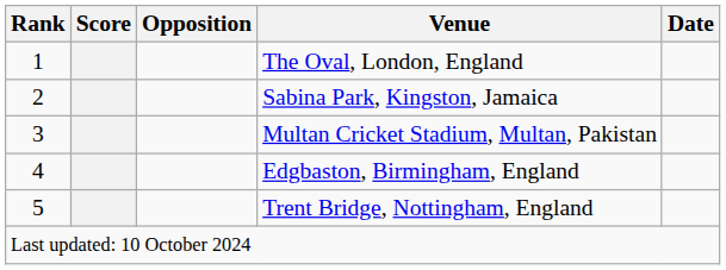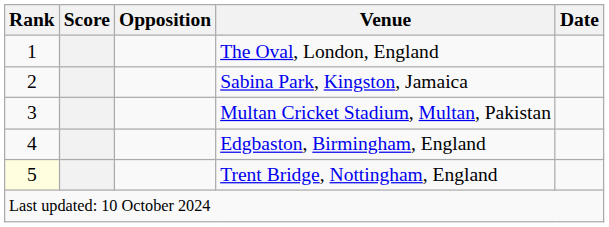 <table class="wikitable plainrowheaders sortable">
 <tr>
 <th scope=col>Rank</th>
 <th scope=col>Score</th>
 <th scope=col>Opposition</th>
 <th scope=col>Venue</th>
 <th scope=col>Date</th>
 </tr>
 <tr>
 <td align=center>1</td>
 <th scope=row style=text-align:center;></th>
 <td></td>
 <td><a href='#'>The Oval</a>, London, England</td>
 <td><a href='#'></a></td>
 </tr>
 <tr>
 <td align=center>2</td>
 <th scope=row style=text-align:center;></th>
 <td></td>
 <td><a href='#'>Sabina Park</a>, <a href='#'>Kingston</a>, Jamaica</td>
 <td><a href='#'></a></td>
 </tr>
 <tr>
 <td align=center>3</td>
 <th scope=row style=text-align:center;></th>
 <td></td>
 <td><a href='#'>Multan Cricket Stadium</a>, <a href='#'>Multan</a>, Pakistan</td>
 <td><a href='#'></a></td>
 </tr>
 <tr>
 <td align=center>4</td>
 <th scope=row style=text-align:center;></th>
 <td></td>
 <td><a href='#'>Edgbaston</a>, <a href='#'>Birmingham</a>, England</td>
 <td><a href='#'></a></td>
 </tr>
 <tr>
-<td align=center>5</td>
+<td align=center style="background: lightyellow;">5</td>
 <th scope=row style=text-align:center;></th>
 <td></td>
 <td><a href='#'>Trent Bridge</a>, <a href='#'>Nottingham</a>, England</td>
 <td><a href='#'></a></td>
 </tr>
 <tr class=sortbottom>
 <td colspan=5><small>Last updated: 10 October 2024</small></td>
 </tr>
 </table>
